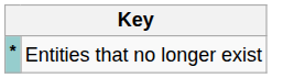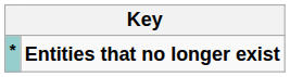 <table class="wikitable">
 <tr>
 <th scope="row" colspan="2">Key</th>
 </tr>
 <tr>
 <th scope="row" style="background-color: #96CDCD"><sup>*</sup></th>
-<td>Entities that no longer exist</td>
+<td><strong>Entities that no longer exist</strong></td>
 </tr>
 </table>
